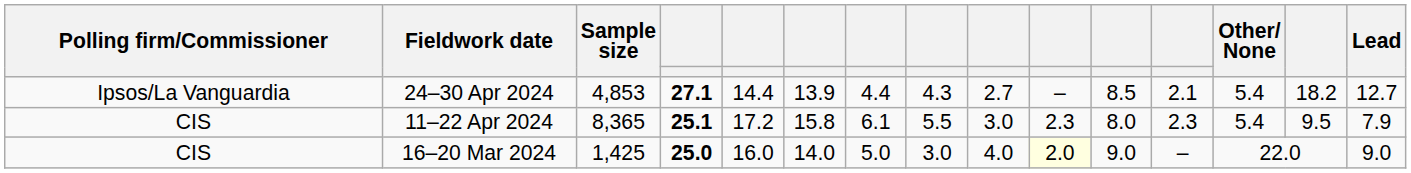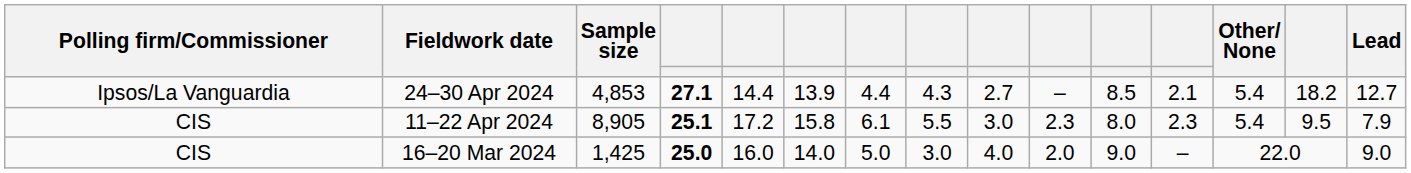 <table class="wikitable collapsible collapsed" style="text-align:center; font-size:90%; line-height:14px;">
 <tr style="height:42px;">
 <th style="width:250px;" rowspan="2">Polling firm/Commissioner</th>
 <th style="width:125px;" rowspan="2">Fieldwork date</th>
 <th style="width:50px;" rowspan="2">Sample size</th>
 <th style="width:35px;"></th>
 <th style="width:35px;"></th>
 <th style="width:35px;"></th>
 <th style="width:35px;"></th>
 <th style="width:35px;"></th>
 <th style="width:35px;"></th>
 <th style="width:35px;"></th>
 <th style="width:35px;"></th>
 <th style="width:35px;"></th>
 <th style="width:35px;" rowspan="2">Other/<br>None</th>
 <th style="width:35px;" rowspan="2"></th>
 <th style="width:30px;" rowspan="2">Lead</th>
 </tr>
 <tr>
 <th style="color:inherit;background:"></th>
 <th style="color:inherit;background:"></th>
 <th style="color:inherit;background:"></th>
 <th style="color:inherit;background:"></th>
 <th style="color:inherit;background:"></th>
 <th style="color:inherit;background:"></th>
 <th style="color:inherit;background:"></th>
 <th style="color:inherit;background:"></th>
 <th style="color:inherit;background:"></th>
 </tr>
 <tr>
 <td>Ipsos/La Vanguardia</td>
 <td>24–30 Apr 2024</td>
 <td>4,853</td>
 <td><strong>27.1</strong></td>
 <td>14.4</td>
 <td>13.9</td>
 <td>4.4</td>
 <td>4.3</td>
 <td>2.7</td>
 <td>–</td>
 <td>8.5</td>
 <td>2.1</td>
 <td>5.4</td>
 <td>18.2</td>
 <td style="background:">12.7</td>
 </tr>
 <tr>
 <td>CIS</td>
 <td>11–22 Apr 2024</td>
-<td>8,365</td>
+<td>8,905</td>
 <td><strong>25.1</strong></td>
 <td>17.2</td>
 <td>15.8</td>
 <td>6.1</td>
 <td>5.5</td>
 <td>3.0</td>
 <td>2.3</td>
 <td>8.0</td>
 <td>2.3</td>
 <td>5.4</td>
 <td>9.5</td>
 <td style="background:">7.9</td>
 </tr>
 <tr>
 <td>CIS</td>
 <td>16–20 Mar 2024</td>
 <td>1,425</td>
 <td><strong>25.0</strong></td>
 <td>16.0</td>
 <td>14.0</td>
 <td>5.0</td>
 <td>3.0</td>
 <td>4.0</td>
-<td style="background: lightyellow;">2.0</td>
+<td>2.0</td>
 <td>9.0</td>
 <td>–</td>
 <td colspan="2">22.0</td>
 <td style="background:">9.0</td>
 </tr>
 </table>
